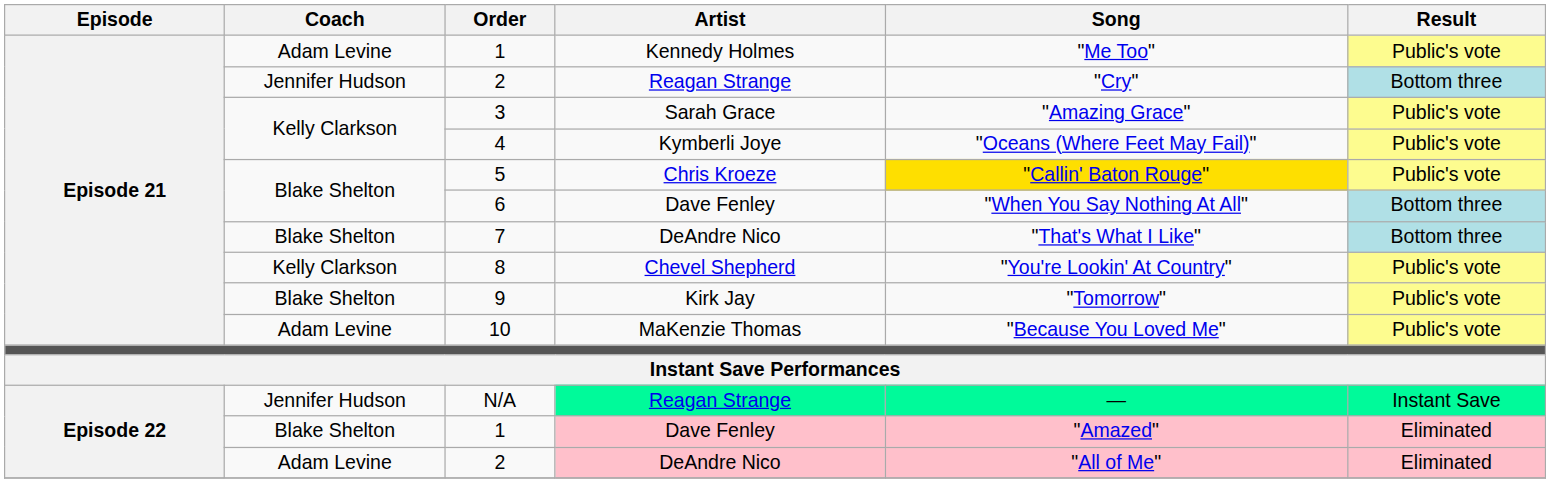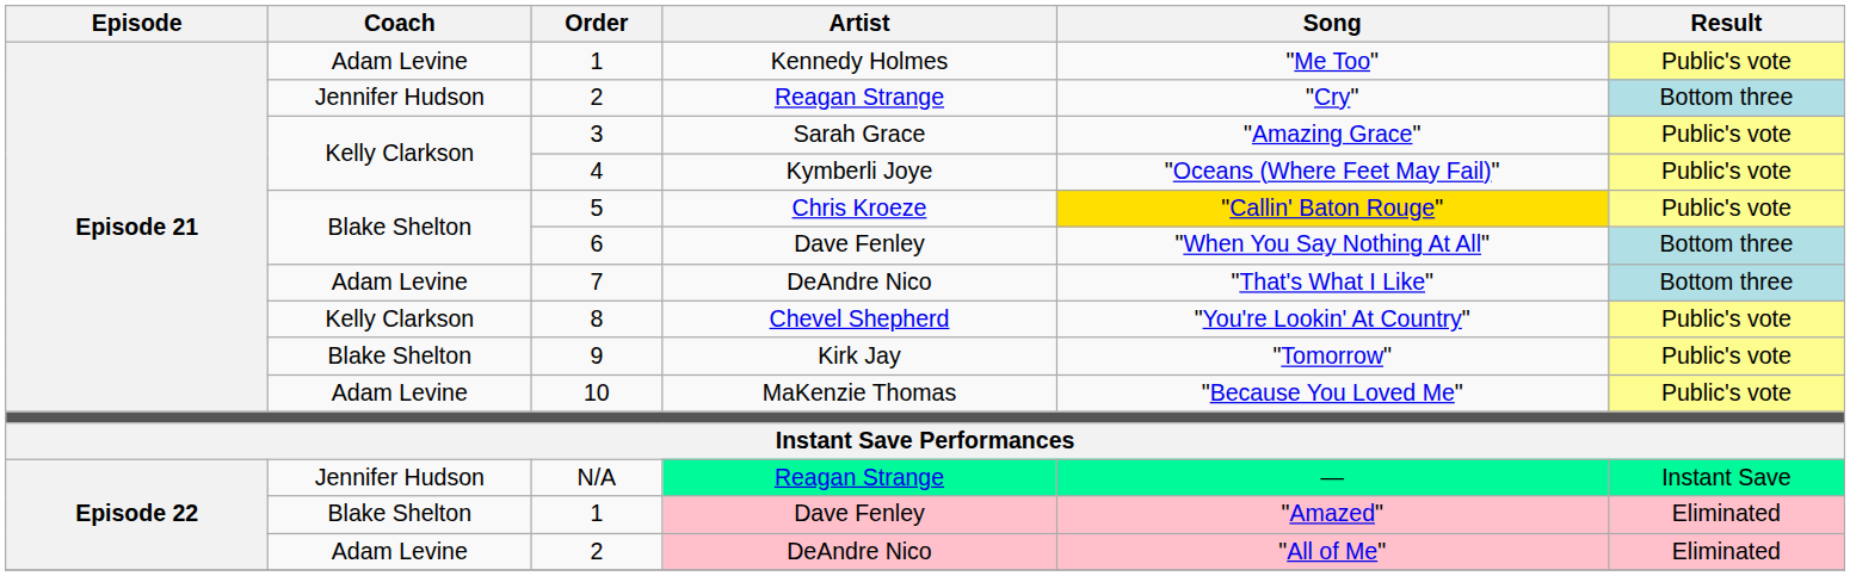 <table class="wikitable" style="text-align:center; width:100%;">
 <tr>
 <th style="width:10%;">Episode</th>
 <th style="width:10%;">Coach</th>
 <th style="width:05%;">Order</th>
 <th style="width:15%;">Artist</th>
 <th style="width:21%;">Song</th>
 <th style="width:9%;">Result</th>
 </tr>
 <tr>
 <th rowspan="10" scope="row">Episode 21<br><small></small></th>
 <td>Adam Levine</td>
 <td>1</td>
 <td>Kennedy Holmes</td>
 <td>"<a href='#'>Me Too</a>"</td>
 <td style="background:#fdfc8f;">Public's vote</td>
 </tr>
 <tr>
 <td>Jennifer Hudson</td>
 <td>2</td>
 <td><a href='#'>Reagan Strange</a></td>
 <td>"<a href='#'>Cry</a>"</td>
 <td style="background:#b0e0e6;">Bottom three</td>
 </tr>
 <tr>
 <td rowspan=2>Kelly Clarkson</td>
 <td>3</td>
 <td>Sarah Grace</td>
 <td>"<a href='#'>Amazing Grace</a>"</td>
 <td style="background:#fdfc8f;">Public's vote</td>
 </tr>
 <tr>
 <td>4</td>
 <td>Kymberli Joye</td>
 <td>"<a href='#'>Oceans (Where Feet May Fail)</a>"</td>
 <td style="background:#fdfc8f;">Public's vote</td>
 </tr>
 <tr>
 <td rowspan=2>Blake Shelton</td>
 <td>5</td>
 <td><a href='#'>Chris Kroeze</a></td>
 <td style="background:#fedf00;">"<a href='#'>Callin' Baton Rouge</a>"</td>
 <td style="background:#fdfc8f;">Public's vote</td>
 </tr>
 <tr>
 <td>6</td>
 <td>Dave Fenley</td>
 <td>"<a href='#'>When You Say Nothing At All</a>"</td>
 <td style="background:#b0e0e6;">Bottom three</td>
 </tr>
 <tr>
-<td>Blake Shelton</td>
+<td>Adam Levine</td>
 <td>7</td>
 <td>DeAndre Nico</td>
 <td>"<a href='#'>That's What I Like</a>"</td>
 <td style="background:#b0e0e6;">Bottom three</td>
 </tr>
 <tr>
 <td>Kelly Clarkson</td>
 <td>8</td>
 <td><a href='#'>Chevel Shepherd</a></td>
 <td>"<a href='#'>You're Lookin' At Country</a>"</td>
 <td style="background:#fdfc8f;">Public's vote</td>
 </tr>
 <tr>
 <td>Blake Shelton</td>
 <td>9</td>
 <td>Kirk Jay</td>
 <td>"<a href='#'>Tomorrow</a>"</td>
 <td style="background:#fdfc8f;">Public's vote</td>
 </tr>
 <tr>
 <td>Adam Levine</td>
 <td>10</td>
 <td>MaKenzie Thomas</td>
 <td>"<a href='#'>Because You Loved Me</a>"</td>
 <td style="background:#fdfc8f;">Public's vote</td>
 </tr>
 <tr>
 <td colspan="6" bgcolor=#555></td>
 </tr>
 <tr>
 <th colspan="6">Instant Save Performances</th>
 </tr>
 <tr>
 <th rowspan="3" scope="row">Episode 22<br><small></small></th>
 <td>Jennifer Hudson</td>
 <td>N/A </td>
 <td style="background:#00fa9a;"><a href='#'>Reagan Strange</a></td>
 <td style="background:#00fa9a;">—</td>
 <td style="background:#00fa9a;">Instant Save</td>
 </tr>
 <tr>
 <td>Blake Shelton</td>
 <td>1</td>
 <td style="background:pink;">Dave Fenley</td>
 <td style="background:pink;">"<a href='#'>Amazed</a>"</td>
 <td style="background:pink;">Eliminated</td>
 </tr>
 <tr>
 <td>Adam Levine</td>
 <td>2</td>
 <td style="background:pink;">DeAndre Nico</td>
 <td style="background:pink;">"<a href='#'>All of Me</a>"</td>
 <td style="background:pink;">Eliminated</td>
 </tr>
 <tr>
 </tr>
 </table>
